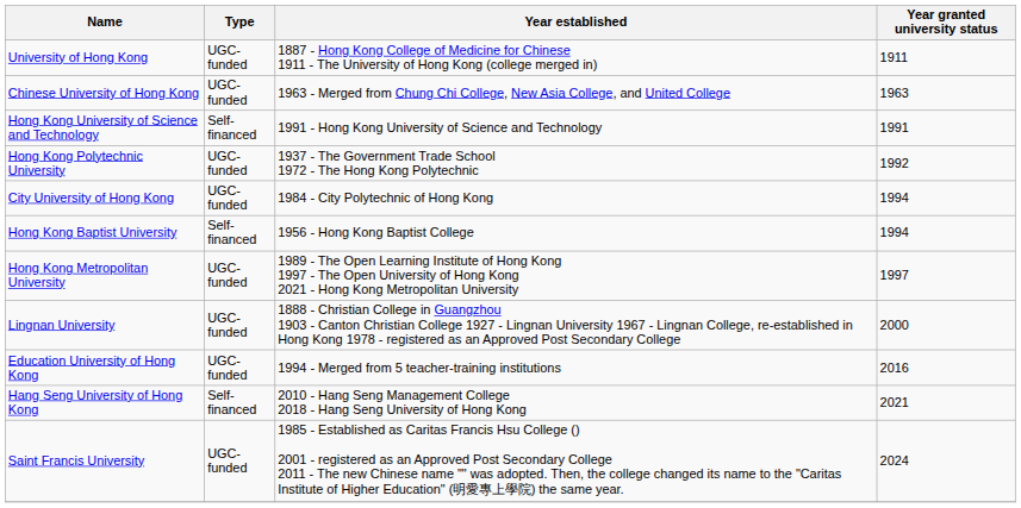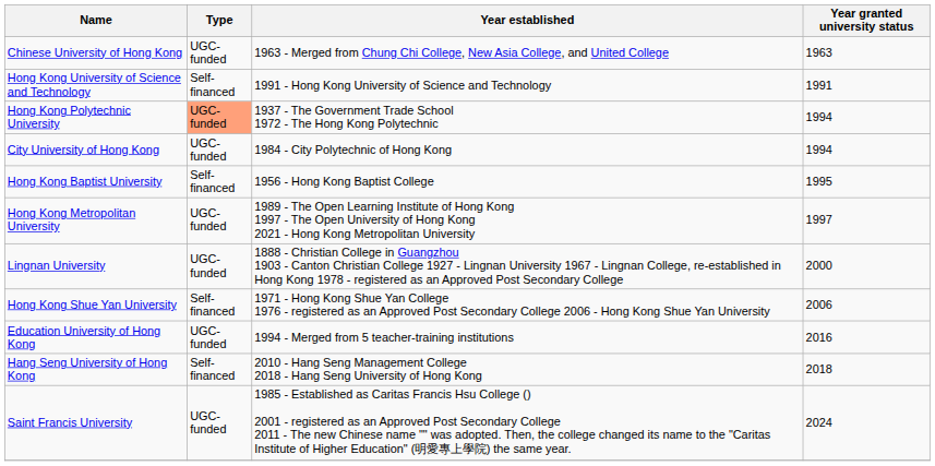 <table class="wikitable" align="center">
 <tr>
 <th>Name</th>
 <th>Type</th>
 <th>Year established</th>
 <th>Year granted university status</th>
-</tr>
-<tr>
-<td><a href='#'>University of Hong Kong</a><br></td>
-<td>UGC-funded</td>
-<td>1887 - <a href='#'>Hong Kong College of Medicine for Chinese</a><br>1911 - The University of Hong Kong (college merged in)</td>
-<td>1911</td>
 </tr>
 <tr>
 <td><a href='#'>Chinese University of Hong Kong</a><br></td>
 <td>UGC-funded</td>
 <td>1963 - Merged from <a href='#'>Chung Chi College</a>, <a href='#'>New Asia College</a>, and <a href='#'>United College</a></td>
 <td>1963</td>
 </tr>
 <tr>
 <td><a href='#'>Hong Kong University of Science and Technology</a><br></td>
 <td>Self-financed</td>
 <td>1991 - Hong Kong University of Science and Technology</td>
 <td>1991</td>
 </tr>
 <tr>
 <td><a href='#'>Hong Kong Polytechnic University</a><br></td>
-<td>UGC-funded</td>
+<td style="background: lightsalmon;">UGC-funded</td>
 <td>1937 - The Government Trade School<br>1972 - The Hong Kong Polytechnic</td>
-<td>1992</td>
+<td>1994</td>
 </tr>
 <tr>
 <td><a href='#'>City University of Hong Kong</a><br></td>
 <td>UGC-funded</td>
 <td>1984 - City Polytechnic of Hong Kong</td>
 <td>1994</td>
 </tr>
 <tr>
 <td><a href='#'>Hong Kong Baptist University</a><br></td>
 <td>Self-financed</td>
 <td>1956 - Hong Kong Baptist College</td>
-<td>1994</td>
+<td>1995</td>
 </tr>
 <tr>
 <td><a href='#'>Hong Kong Metropolitan University</a><br></td>
 <td>UGC-funded</td>
 <td>1989 - The Open Learning Institute of Hong Kong<br>1997 - The Open University of Hong Kong<br>2021 - Hong Kong Metropolitan University</td>
 <td>1997</td>
 </tr>
 <tr>
 <td><a href='#'>Lingnan University</a><br></td>
 <td>UGC-funded</td>
 <td>1888 - Christian College in <a href='#'>Guangzhou</a><br>1903 - Canton Christian College 1927 - Lingnan University 1967 - Lingnan College, re-established in Hong Kong 1978 - registered as an Approved Post Secondary College</td>
 <td>2000</td>
 </tr>
 <tr>
+<td><a href='#'>Hong Kong Shue Yan University</a><br></td>
+<td>Self-financed</td>
+<td>1971 - Hong Kong Shue Yan College<br>1976 - registered as an Approved Post Secondary College 2006 - Hong Kong Shue Yan University</td>
+<td>2006</td>
+</tr>
+<tr>
 <td><a href='#'>Education University of Hong Kong</a><br></td>
 <td>UGC-funded</td>
 <td>1994 - Merged from 5 teacher-training institutions</td>
 <td>2016</td>
 </tr>
 <tr>
 <td><a href='#'>Hang Seng University of Hong Kong</a><br></td>
 <td>Self-financed</td>
 <td>2010 - Hang Seng Management College<br>2018 - Hang Seng University of Hong Kong</td>
-<td>2021</td>
+<td>2018</td>
 </tr>
 <tr>
 <td><a href='#'>Saint Francis University</a><br></td>
 <td>UGC-funded</td>
 <td>1985 - Established as Caritas Francis Hsu College ()<br><br>2001 - registered as an Approved Post Secondary College<br> 2011 - The new Chinese name "" was adopted. Then, the college changed its name to the "Caritas Institute of Higher Education" (明愛專上學院) the same year.</td>
 <td>2024</td>
 </tr>
 <tr>
 </tr>
 </table>
